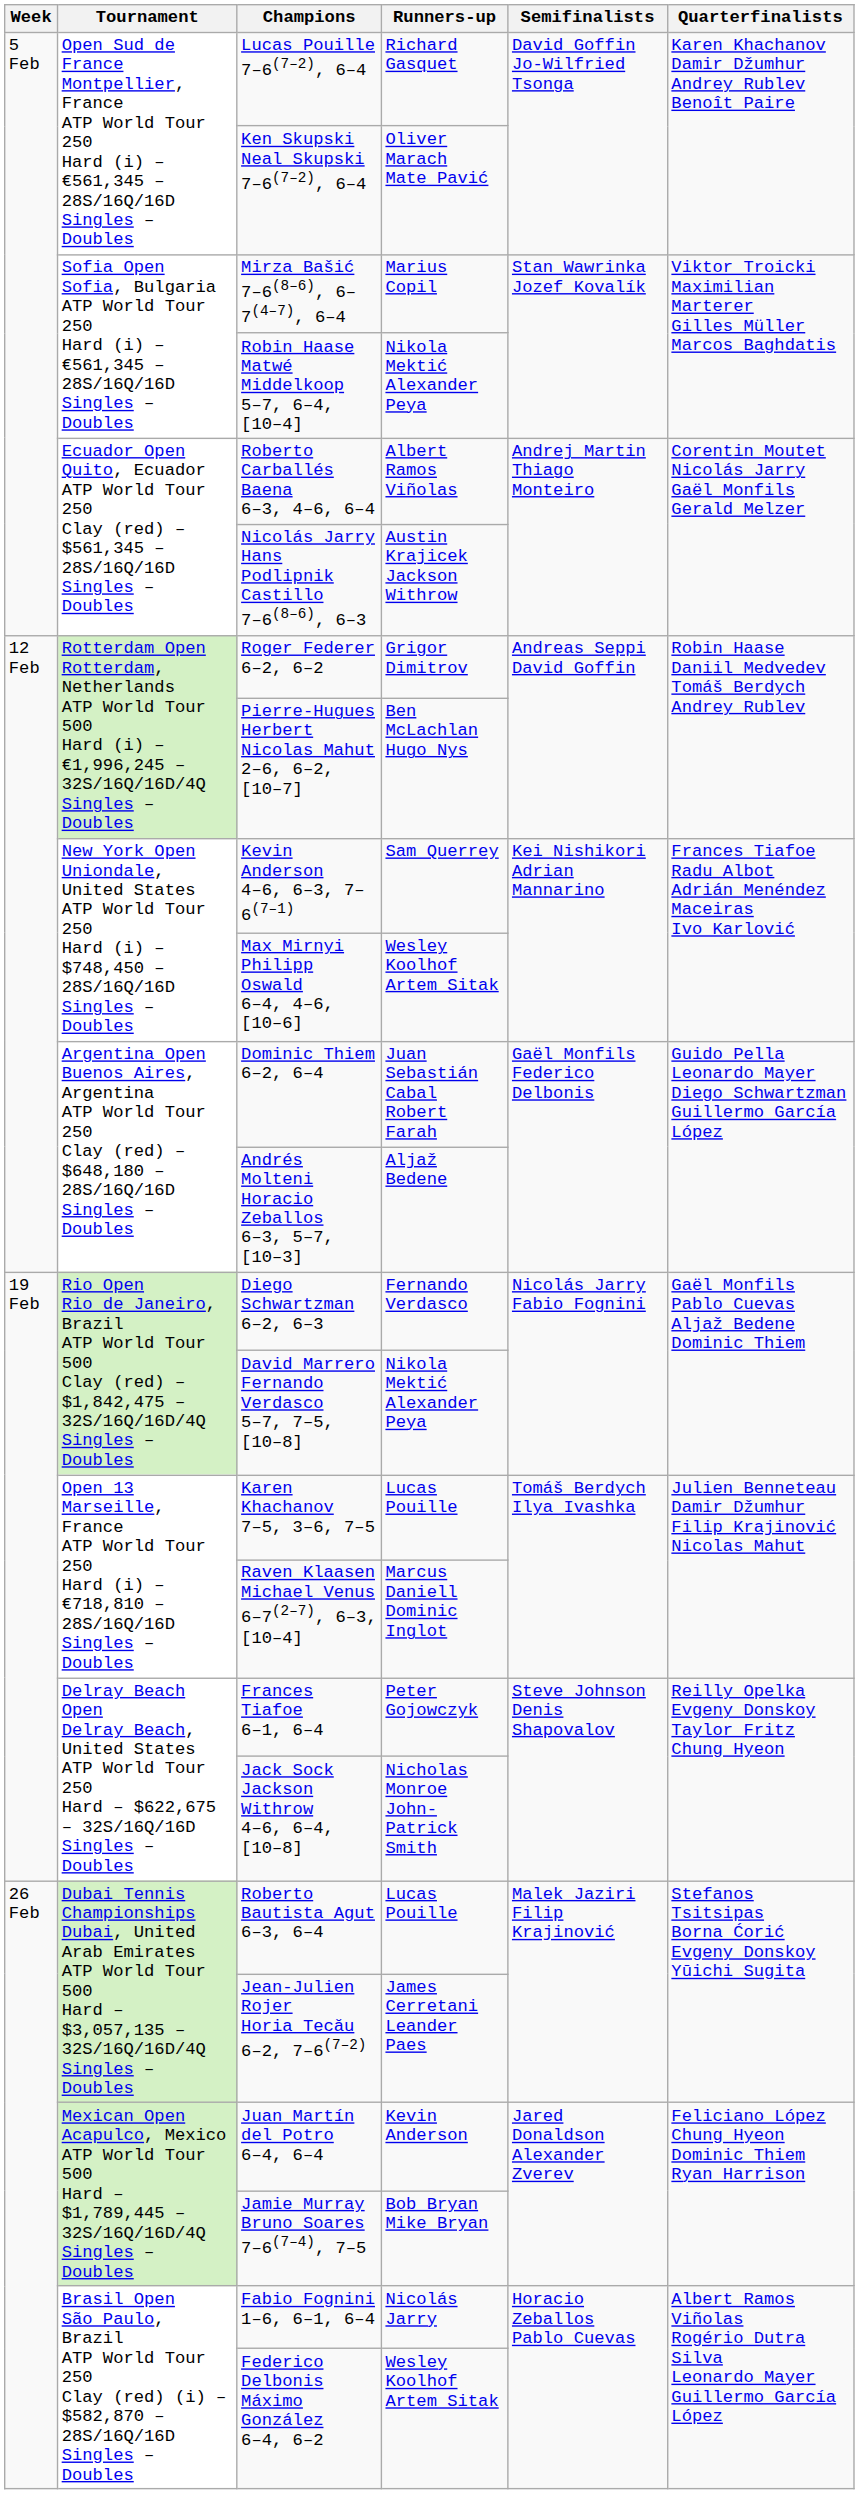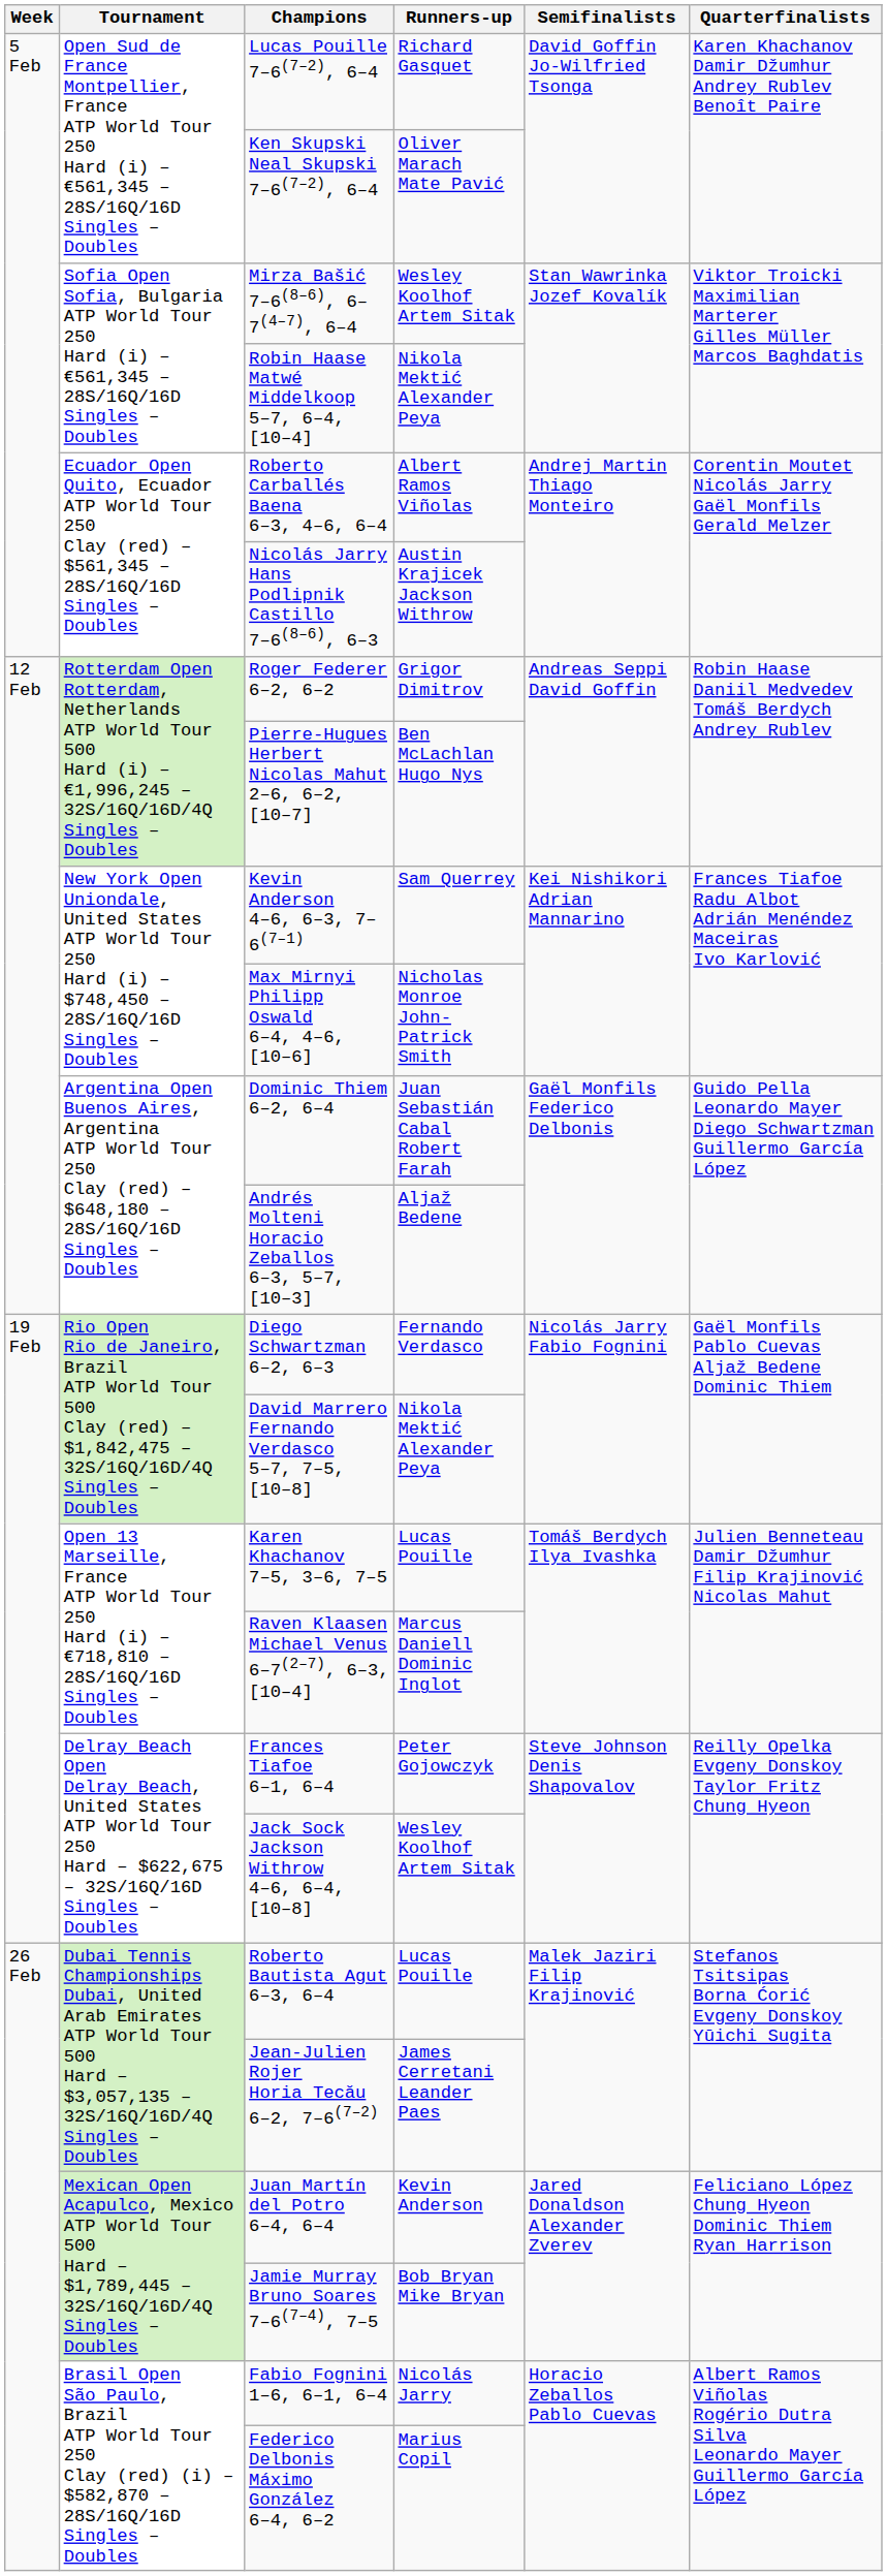 <table class=wikitable style=font-size:95%>
 <tr>
 <th style="width:48px;">Week</th>
 <th style="width:250px;">Tournament</th>
 <th style="width:205px;">Champions</th>
 <th style="width:205px;">Runners-up</th>
 <th style="width:190px;">Semifinalists</th>
 <th style="width:190px;">Quarterfinalists</th>
 </tr>
 <tr valign=top>
 <td rowspan=6>5 Feb</td>
 <td style="background:#fff;" rowspan="2"><a href='#'>Open Sud de France</a><br> <a href='#'>Montpellier</a>, France<br>ATP World Tour 250<br>Hard (i) – €561,345 – 28S/16Q/16D<br><a href='#'>Singles</a> – <a href='#'>Doubles</a></td>
 <td> <a href='#'>Lucas Pouille</a><br>7–6<sup>(7–2)</sup>, 6–4</td>
 <td> <a href='#'>Richard Gasquet</a></td>
 <td rowspan=2> <a href='#'>David Goffin</a> <br>  <a href='#'>Jo-Wilfried Tsonga</a></td>
 <td rowspan=2> <a href='#'>Karen Khachanov</a> <br> <a href='#'>Damir Džumhur</a> <br> <a href='#'>Andrey Rublev</a> <br>  <a href='#'>Benoît Paire</a></td>
 </tr>
 <tr valign=top>
 <td> <a href='#'>Ken Skupski</a><br> <a href='#'>Neal Skupski</a><br>7–6<sup>(7–2)</sup>, 6–4</td>
 <td> <a href='#'>Oliver Marach</a><br> <a href='#'>Mate Pavić</a></td>
 </tr>
 <tr valign=top>
 <td style="background:#fff;" rowspan="2"><a href='#'>Sofia Open</a><br> <a href='#'>Sofia</a>, Bulgaria<br>ATP World Tour 250<br>Hard (i) – €561,345 – 28S/16Q/16D<br><a href='#'>Singles</a> – <a href='#'>Doubles</a></td>
 <td> <a href='#'>Mirza Bašić</a><br>7–6<sup>(8–6)</sup>, 6–7<sup>(4–7)</sup>, 6–4</td>
-<td> <a href='#'>Marius Copil</a></td>
+<td> <a href='#'>Wesley Koolhof</a><br> <a href='#'>Artem Sitak</a></td>
 <td rowspan=2> <a href='#'>Stan Wawrinka</a> <br>  <a href='#'>Jozef Kovalík</a></td>
 <td rowspan=2> <a href='#'>Viktor Troicki</a> <br> <a href='#'>Maximilian Marterer</a> <br> <a href='#'>Gilles Müller</a>  <br>  <a href='#'>Marcos Baghdatis</a></td>
 </tr>
 <tr valign=top>
 <td> <a href='#'>Robin Haase</a><br> <a href='#'>Matwé Middelkoop</a><br>5–7, 6–4, [10–4]</td>
 <td> <a href='#'>Nikola Mektić</a><br> <a href='#'>Alexander Peya</a></td>
 </tr>
 <tr valign=top>
 <td style="background:#fff;" rowspan="2"><a href='#'>Ecuador Open</a><br> <a href='#'>Quito</a>, Ecuador<br>ATP World Tour 250<br>Clay (red) – $561,345 – 28S/16Q/16D<br><a href='#'>Singles</a> – <a href='#'>Doubles</a></td>
 <td> <a href='#'>Roberto Carballés Baena</a><br>6–3, 4–6, 6–4</td>
 <td> <a href='#'>Albert Ramos Viñolas</a></td>
 <td rowspan=2> <a href='#'>Andrej Martin</a> <br>  <a href='#'>Thiago Monteiro</a></td>
 <td rowspan=2> <a href='#'>Corentin Moutet</a> <br> <a href='#'>Nicolás Jarry</a>  <br> <a href='#'>Gaël Monfils</a> <br>  <a href='#'>Gerald Melzer</a></td>
 </tr>
 <tr valign=top>
 <td> <a href='#'>Nicolás Jarry</a><br> <a href='#'>Hans Podlipnik Castillo</a><br>7–6<sup>(8–6)</sup>, 6–3</td>
 <td> <a href='#'>Austin Krajicek</a><br> <a href='#'>Jackson Withrow</a></td>
 </tr>
 <tr valign=top>
 <td rowspan=6>12 Feb</td>
 <td style="background:#D4F1C5;" rowspan="2"><a href='#'>Rotterdam Open</a><br> <a href='#'>Rotterdam</a>, Netherlands<br>ATP World Tour 500<br>Hard (i) – €1,996,245 – 32S/16Q/16D/4Q<br><a href='#'>Singles</a> – <a href='#'>Doubles</a></td>
 <td> <a href='#'>Roger Federer</a> <br>6–2, 6–2</td>
 <td> <a href='#'>Grigor Dimitrov</a></td>
 <td rowspan=2> <a href='#'>Andreas Seppi</a> <br>  <a href='#'>David Goffin</a></td>
 <td rowspan="2"> <a href='#'>Robin Haase</a> <br> <a href='#'>Daniil Medvedev</a> <br> <a href='#'>Tomáš Berdych</a> <br> <a href='#'>Andrey Rublev</a></td>
 </tr>
 <tr valign=top>
 <td> <a href='#'>Pierre-Hugues Herbert</a><br> <a href='#'>Nicolas Mahut</a><br>2–6, 6–2, [10–7]</td>
 <td> <a href='#'>Ben McLachlan</a><br> <a href='#'>Hugo Nys</a></td>
 </tr>
 <tr valign=top>
 <td style="background:#fff;" rowspan="2"><a href='#'>New York Open</a><br> <a href='#'>Uniondale</a>, United States<br>ATP World Tour 250<br>Hard (i) – $748,450 – 28S/16Q/16D<br><a href='#'>Singles</a> – <a href='#'>Doubles</a></td>
 <td> <a href='#'>Kevin Anderson</a><br> 4–6, 6–3, 7–6<sup>(7–1)</sup></td>
 <td> <a href='#'>Sam Querrey</a></td>
 <td rowspan=2> <a href='#'>Kei Nishikori</a><br>  <a href='#'>Adrian Mannarino</a></td>
 <td rowspan=2> <a href='#'>Frances Tiafoe</a> <br> <a href='#'>Radu Albot</a>  <br>  <a href='#'>Adrián Menéndez Maceiras</a> <br>  <a href='#'>Ivo Karlović</a></td>
 </tr>
 <tr valign=top>
 <td> <a href='#'>Max Mirnyi</a><br> <a href='#'>Philipp Oswald</a><br>6–4, 4–6, [10–6]</td>
-<td> <a href='#'>Wesley Koolhof</a><br> <a href='#'>Artem Sitak</a></td>
+<td> <a href='#'>Nicholas Monroe</a><br> <a href='#'>John-Patrick Smith</a></td>
 </tr>
 <tr valign=top>
 <td style="background:#fff;" rowspan="2"><a href='#'>Argentina Open</a><br> <a href='#'>Buenos Aires</a>, Argentina<br>ATP World Tour 250<br>Clay (red) – $648,180 – 28S/16Q/16D<br><a href='#'>Singles</a> – <a href='#'>Doubles</a></td>
 <td> <a href='#'>Dominic Thiem</a><br>6–2, 6–4</td>
 <td> <a href='#'>Juan Sebastián Cabal</a><br> <a href='#'>Robert Farah</a></td>
 <td rowspan=2> <a href='#'>Gaël Monfils</a><br>  <a href='#'>Federico Delbonis</a></td>
 <td rowspan=2> <a href='#'>Guido Pella</a> <br> <a href='#'>Leonardo Mayer</a><br> <a href='#'>Diego Schwartzman</a> <br>  <a href='#'>Guillermo García López</a></td>
 </tr>
 <tr valign=top>
 <td> <a href='#'>Andrés Molteni</a><br> <a href='#'>Horacio Zeballos</a><br>6–3, 5–7, [10–3]</td>
 <td> <a href='#'>Aljaž Bedene</a></td>
 </tr>
 <tr valign=top>
 <td rowspan=6>19 Feb</td>
 <td style="background:#D4F1C5;" rowspan="2"><a href='#'>Rio Open</a><br> <a href='#'>Rio de Janeiro</a>, Brazil<br>ATP World Tour 500<br>Clay (red) – $1,842,475 – 32S/16Q/16D/4Q<br><a href='#'>Singles</a> – <a href='#'>Doubles</a></td>
 <td> <a href='#'>Diego Schwartzman</a> <br>6–2, 6–3</td>
 <td> <a href='#'>Fernando Verdasco</a></td>
 <td rowspan=2> <a href='#'>Nicolás Jarry</a> <br>  <a href='#'>Fabio Fognini</a></td>
 <td rowspan=2> <a href='#'>Gaël Monfils</a><br> <a href='#'>Pablo Cuevas</a>  <br>  <a href='#'>Aljaž Bedene</a> <br>  <a href='#'>Dominic Thiem</a></td>
 </tr>
 <tr valign=top>
 <td> <a href='#'>David Marrero</a><br> <a href='#'>Fernando Verdasco</a><br>5–7, 7–5, [10–8]</td>
 <td> <a href='#'>Nikola Mektić</a><br> <a href='#'>Alexander Peya</a></td>
 </tr>
 <tr valign=top>
 <td style="background:#fff;" rowspan="2"><a href='#'>Open 13</a><br> <a href='#'>Marseille</a>, France<br>ATP World Tour 250<br>Hard (i) – €718,810 – 28S/16Q/16D<br><a href='#'>Singles</a> – <a href='#'>Doubles</a></td>
 <td> <a href='#'>Karen Khachanov</a><br>7–5, 3–6, 7–5</td>
 <td> <a href='#'>Lucas Pouille</a></td>
 <td rowspan=2> <a href='#'>Tomáš Berdych</a> <br>  <a href='#'>Ilya Ivashka</a></td>
 <td rowspan=2> <a href='#'>Julien Benneteau</a> <br>  <a href='#'>Damir Džumhur</a> <br> <a href='#'>Filip Krajinović</a> <br>  <a href='#'>Nicolas Mahut</a></td>
 </tr>
 <tr valign=top>
 <td> <a href='#'>Raven Klaasen</a><br> <a href='#'>Michael Venus</a><br>6–7<sup>(2–7)</sup>, 6–3, [10–4]</td>
 <td> <a href='#'>Marcus Daniell</a><br> <a href='#'>Dominic Inglot</a></td>
 </tr>
 <tr valign=top>
 <td style="background:#fff;" rowspan="2"><a href='#'>Delray Beach Open</a><br> <a href='#'>Delray Beach</a>, United States<br>ATP World Tour 250<br>Hard – $622,675 – 32S/16Q/16D<br><a href='#'>Singles</a> – <a href='#'>Doubles</a></td>
 <td> <a href='#'>Frances Tiafoe</a> <br>6–1, 6–4</td>
 <td> <a href='#'>Peter Gojowczyk</a></td>
 <td rowspan="2"> <a href='#'>Steve Johnson</a> <br>  <a href='#'>Denis Shapovalov</a></td>
 <td rowspan="2"> <a href='#'>Reilly Opelka</a> <br> <a href='#'>Evgeny Donskoy</a> <br>  <a href='#'>Taylor Fritz</a><br>  <a href='#'>Chung Hyeon</a></td>
 </tr>
 <tr valign=top>
 <td> <a href='#'>Jack Sock</a><br> <a href='#'>Jackson Withrow</a><br>4–6, 6–4, [10–8]</td>
-<td> <a href='#'>Nicholas Monroe</a><br> <a href='#'>John-Patrick Smith</a></td>
+<td> <a href='#'>Wesley Koolhof</a><br> <a href='#'>Artem Sitak</a></td>
 </tr>
 <tr valign=top>
 <td rowspan=6>26 Feb</td>
 <td style="background:#D4F1C5;" rowspan="2"><a href='#'>Dubai Tennis Championships</a><br> <a href='#'>Dubai</a>, United Arab Emirates<br>ATP World Tour 500<br>Hard – $3,057,135 – 32S/16Q/16D/4Q<br><a href='#'>Singles</a> – <a href='#'>Doubles</a></td>
 <td> <a href='#'>Roberto Bautista Agut</a><br>6–3, 6–4</td>
 <td> <a href='#'>Lucas Pouille</a></td>
 <td rowspan=2> <a href='#'>Malek Jaziri</a> <br> <a href='#'>Filip Krajinović</a></td>
 <td rowspan=2> <a href='#'>Stefanos Tsitsipas</a> <br> <a href='#'>Borna Ćorić</a> <br>  <a href='#'>Evgeny Donskoy</a> <br> <a href='#'>Yūichi Sugita</a></td>
 </tr>
 <tr valign=top>
 <td> <a href='#'>Jean-Julien Rojer</a><br> <a href='#'>Horia Tecău</a><br>6–2, 7–6<sup>(7–2)</sup></td>
 <td> <a href='#'>James Cerretani</a><br> <a href='#'>Leander Paes</a></td>
 </tr>
 <tr valign=top>
 <td style="background:#D4F1C5;" rowspan="2"><a href='#'>Mexican Open</a><br> <a href='#'>Acapulco</a>, Mexico<br>ATP World Tour 500<br>Hard – $1,789,445 – 32S/16Q/16D/4Q<br><a href='#'>Singles</a> – <a href='#'>Doubles</a></td>
 <td> <a href='#'>Juan Martín del Potro</a> <br>6–4, 6–4</td>
 <td> <a href='#'>Kevin Anderson</a></td>
 <td rowspan=2> <a href='#'>Jared Donaldson</a> <br>  <a href='#'>Alexander Zverev</a></td>
 <td rowspan=2> <a href='#'>Feliciano López</a> <br> <a href='#'>Chung Hyeon</a> <br> <a href='#'>Dominic Thiem</a> <br> <a href='#'>Ryan Harrison</a></td>
 </tr>
 <tr valign=top>
 <td> <a href='#'>Jamie Murray</a><br> <a href='#'>Bruno Soares</a><br>7–6<sup>(7–4)</sup>, 7–5</td>
 <td> <a href='#'>Bob Bryan</a><br> <a href='#'>Mike Bryan</a></td>
 </tr>
 <tr valign=top>
 <td style="background:#fff;" rowspan="2"><a href='#'>Brasil Open</a><br> <a href='#'>São Paulo</a>, Brazil<br>ATP World Tour 250<br>Clay (red) (i) – $582,870 – 28S/16Q/16D<br><a href='#'>Singles</a> – <a href='#'>Doubles</a></td>
 <td> <a href='#'>Fabio Fognini</a> <br>1–6, 6–1, 6–4</td>
 <td> <a href='#'>Nicolás Jarry</a></td>
 <td rowspan=2> <a href='#'>Horacio Zeballos</a> <br>  <a href='#'>Pablo Cuevas</a></td>
 <td rowspan=2> <a href='#'>Albert Ramos Viñolas</a> <br> <a href='#'>Rogério Dutra Silva</a> <br> <a href='#'>Leonardo Mayer</a> <br>  <a href='#'>Guillermo García López</a></td>
 </tr>
 <tr valign=top>
 <td> <a href='#'>Federico Delbonis</a><br> <a href='#'>Máximo González</a><br>6–4, 6–2</td>
-<td> <a href='#'>Wesley Koolhof</a><br> <a href='#'>Artem Sitak</a></td>
+<td> <a href='#'>Marius Copil</a></td>
 </tr>
 </table>
